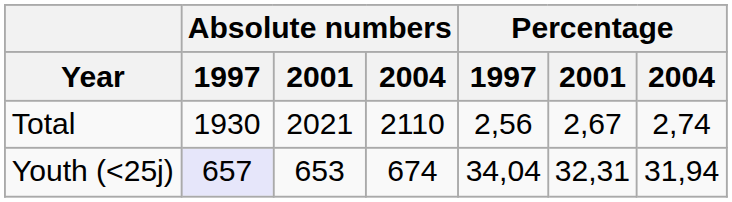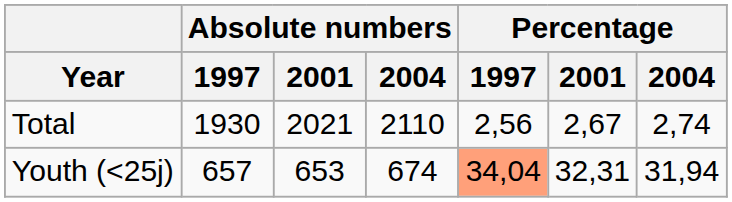 <table class="wikitable">
 <tr>
 <th></th>
 <th colspan=3 align="center">Absolute numbers</th>
 <th colspan=3 align="center">Percentage</th>
 </tr>
 <tr>
 <th>Year</th>
 <th>1997</th>
 <th>2001</th>
 <th>2004</th>
 <th>1997</th>
 <th>2001</th>
 <th>2004</th>
 </tr>
 <tr>
 <td>Total</td>
 <td align="center">1930</td>
 <td align="center">2021</td>
 <td align="center">2110</td>
 <td align="center">2,56</td>
 <td align="center">2,67</td>
 <td align="center">2,74</td>
 </tr>
 <tr>
 <td>Youth (<25j)</td>
-<td align="center" style="background: lavender;">657</td>
+<td align="center">657</td>
 <td align="center">653</td>
 <td align="center">674</td>
-<td align="center">34,04</td>
+<td align="center" style="background: lightsalmon;">34,04</td>
 <td align="center">32,31</td>
 <td align="center">31,94</td>
 </tr>
 </table>
